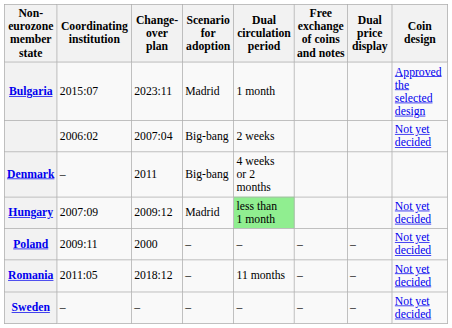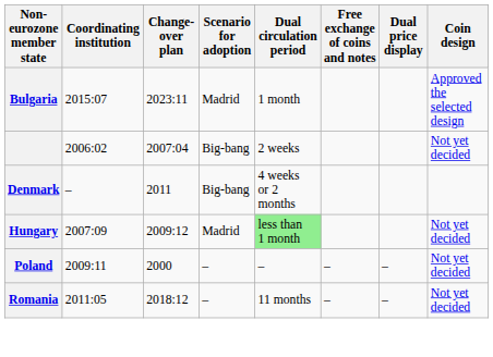 <table class="wikitable sortable">
 <tr>
 <th>Non-eurozone<br>member state</th>
 <th width=150>Coordinating institution<br></th>
 <th width=150>Change­over plan<br></th>
 <th width=110>Scenario for adoption</th>
 <th width=110>Dual circulation period</th>
 <th width=110>Free exchange of coins and notes</th>
 <th width=150>Dual price display</th>
 <th width=150>Coin design</th>
 </tr>
 <tr>
 <th> <a href='#'>Bulgaria</a></th>
 <td><span>2015:07</span></td>
 <td><span>2023:11</span></td>
 <td>Madrid<br></td>
 <td>1 month</td>
 <td></td>
 <td></td>
 <td><a href='#'>Approved the selected design</a></td>
 </tr>
 <tr>
 <th></th>
 <td><span>2006:02</span></td>
 <td><span>2007:04</span></td>
 <td>Big-bang</td>
 <td>2 weeks</td>
 <td></td>
 <td></td>
 <td><a href='#'>Not yet decided</a></td>
 </tr>
 <tr background=#ececec>
 <th> <a href='#'>Denmark</a></th>
 <td>–</td>
 <td><span>2011</span></td>
 <td>Big-bang</td>
 <td>4 weeks<br>or 2 months<br></td>
 <td><br></td>
 <td><br></td>
 <td></td>
 </tr>
 <tr>
 <th> <a href='#'>Hungary</a></th>
 <td><span>2007:09</span></td>
 <td><span>2009:12</span></td>
 <td>Madrid<br></td>
 <td style="background: lightgreen;">less than<br>1 month<br></td>
 <td></td>
 <td></td>
 <td><a href='#'>Not yet decided</a></td>
 </tr>
 <tr>
 <th> <a href='#'>Poland</a></th>
 <td><span>2009:11</span></td>
 <td><span>2000</span></td>
 <td>–</td>
 <td>–</td>
 <td>–</td>
 <td>–</td>
 <td><a href='#'>Not yet decided</a></td>
 </tr>
 <tr>
 <th> <a href='#'>Romania</a></th>
 <td><span>2011:05</span></td>
 <td><span>2018:12</span></td>
 <td>–</td>
 <td>11 months</td>
 <td>–</td>
 <td>–</td>
 <td><a href='#'>Not yet decided</a></td>
 </tr>
-<tr>
-<th> <a href='#'>Sweden</a></th>
-<td>–</td>
-<td>–</td>
-<td>–</td>
-<td>–</td>
-<td>–</td>
-<td>–</td>
-<td><a href='#'>Not yet decided</a></td>
-</tr>
 </table>
